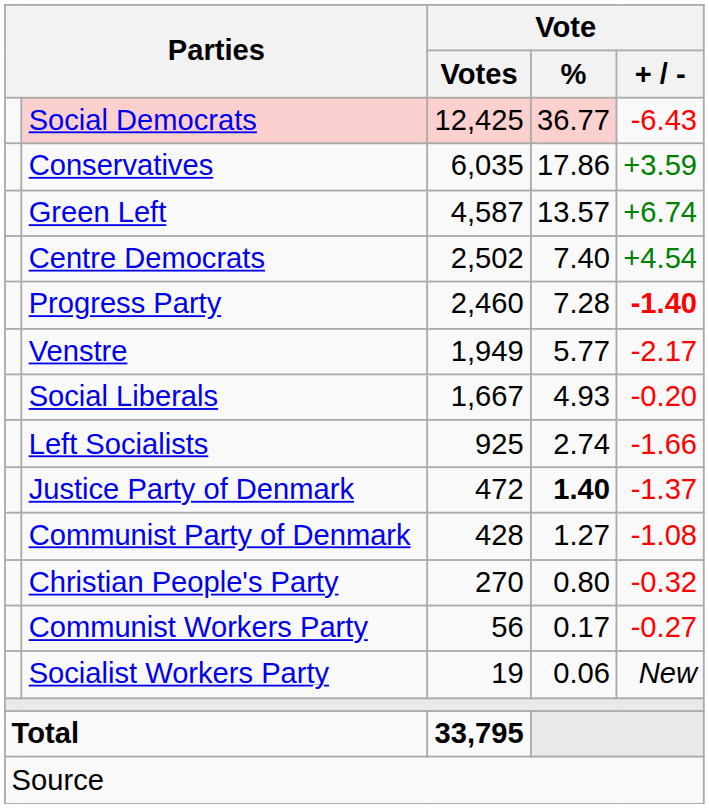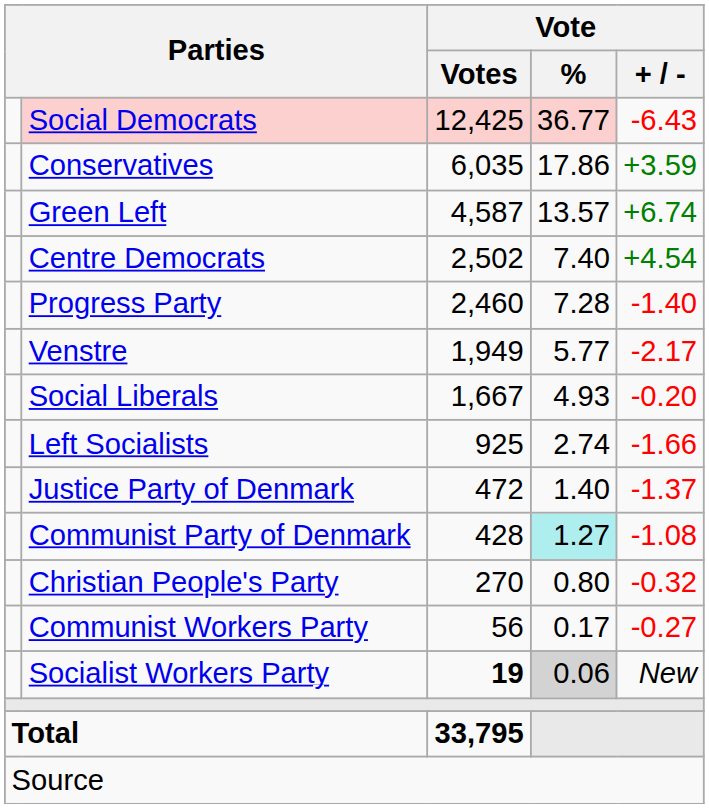 <table class="wikitable" style="text-align:right;">
 <tr>
 <th style="text-align:centre;" rowspan="2" colspan="2" width="225">Parties</th>
 <th colspan="3">Vote</th>
 </tr>
 <tr>
 <th width="15">Votes</th>
 <th width="15">%</th>
 <th width="15">+ / -</th>
 </tr>
 <tr>
 <td width="2" style="color:inherit;background:"></td>
 <td bgcolor=#fbd0ce  align="left"><a href='#'>Social Democrats</a></td>
 <td bgcolor=#fbd0ce>12,425</td>
 <td bgcolor=#fbd0ce>36.77</td>
 <td style=color:red;>-6.43</td>
 </tr>
 <tr>
 <td width="2" style="color:inherit;background:"></td>
 <td align="left"><a href='#'>Conservatives</a></td>
 <td>6,035</td>
 <td>17.86</td>
 <td style=color:green;>+3.59</td>
 </tr>
 <tr>
 <td width="2" style="color:inherit;background:"></td>
 <td align="left"><a href='#'>Green Left</a></td>
 <td>4,587</td>
 <td>13.57</td>
 <td style=color:green;>+6.74</td>
 </tr>
 <tr>
 <td width="2" style="color:inherit;background:"></td>
 <td align="left"><a href='#'>Centre Democrats</a></td>
 <td>2,502</td>
 <td>7.40</td>
 <td style=color:green;>+4.54</td>
 </tr>
 <tr>
 <td width="2" style="color:inherit;background:"></td>
 <td align="left"><a href='#'>Progress Party</a></td>
 <td>2,460</td>
 <td>7.28</td>
-<td style=color:red;><strong>-1.40</strong></td>
+<td style=color:red;>-1.40</td>
 </tr>
 <tr>
 <td width="2" style="color:inherit;background:"></td>
 <td align="left"><a href='#'>Venstre</a></td>
 <td>1,949</td>
 <td>5.77</td>
 <td style=color:red;>-2.17</td>
 </tr>
 <tr>
 <td width="2" style="color:inherit;background:"></td>
 <td align="left"><a href='#'>Social Liberals</a></td>
 <td>1,667</td>
 <td>4.93</td>
 <td style=color:red;>-0.20</td>
 </tr>
 <tr>
 <td width="2" style="color:inherit;background:"></td>
 <td align="left"><a href='#'>Left Socialists</a></td>
 <td>925</td>
 <td>2.74</td>
 <td style=color:red;>-1.66</td>
 </tr>
 <tr>
 <td width="2" style="color:inherit;background:"></td>
 <td align="left"><a href='#'>Justice Party of Denmark</a></td>
 <td>472</td>
-<td><strong>1.40</strong></td>
+<td>1.40</td>
 <td style=color:red;>-1.37</td>
 </tr>
 <tr>
 <td width="2" style="color:inherit;background:"></td>
 <td align="left"><a href='#'>Communist Party of Denmark</a></td>
 <td>428</td>
-<td>1.27</td>
+<td style="background: paleturquoise;">1.27</td>
 <td style=color:red;>-1.08</td>
 </tr>
 <tr>
 <td width="2" style="color:inherit;background:"></td>
 <td align="left"><a href='#'>Christian People's Party</a></td>
 <td>270</td>
 <td>0.80</td>
 <td style=color:red;>-0.32</td>
 </tr>
 <tr>
 <td width="2" style="color:inherit;background:"></td>
 <td align="left"><a href='#'>Communist Workers Party</a></td>
 <td>56</td>
 <td>0.17</td>
 <td style=color:red;>-0.27</td>
 </tr>
 <tr>
 <td width="2" style="color:inherit;background:"></td>
 <td align="left"><a href='#'>Socialist Workers Party</a></td>
-<td>19</td>
-<td>0.06</td>
+<td><strong>19</strong></td>
+<td style="background: lightgrey;">0.06</td>
 <td><em>New</em></td>
 </tr>
 <tr>
 <td colspan="7" bgcolor="#E9E9E9"></td>
 </tr>
 <tr>
 <td align="left" colspan="2"><strong>Total</strong></td>
 <td><strong>33,795</strong></td>
 <td bgcolor="#E9E9E9" colspan="2"></td>
 </tr>
 <tr>
 <td align="left" colspan="6">Source</td>
 </tr>
 </table>
